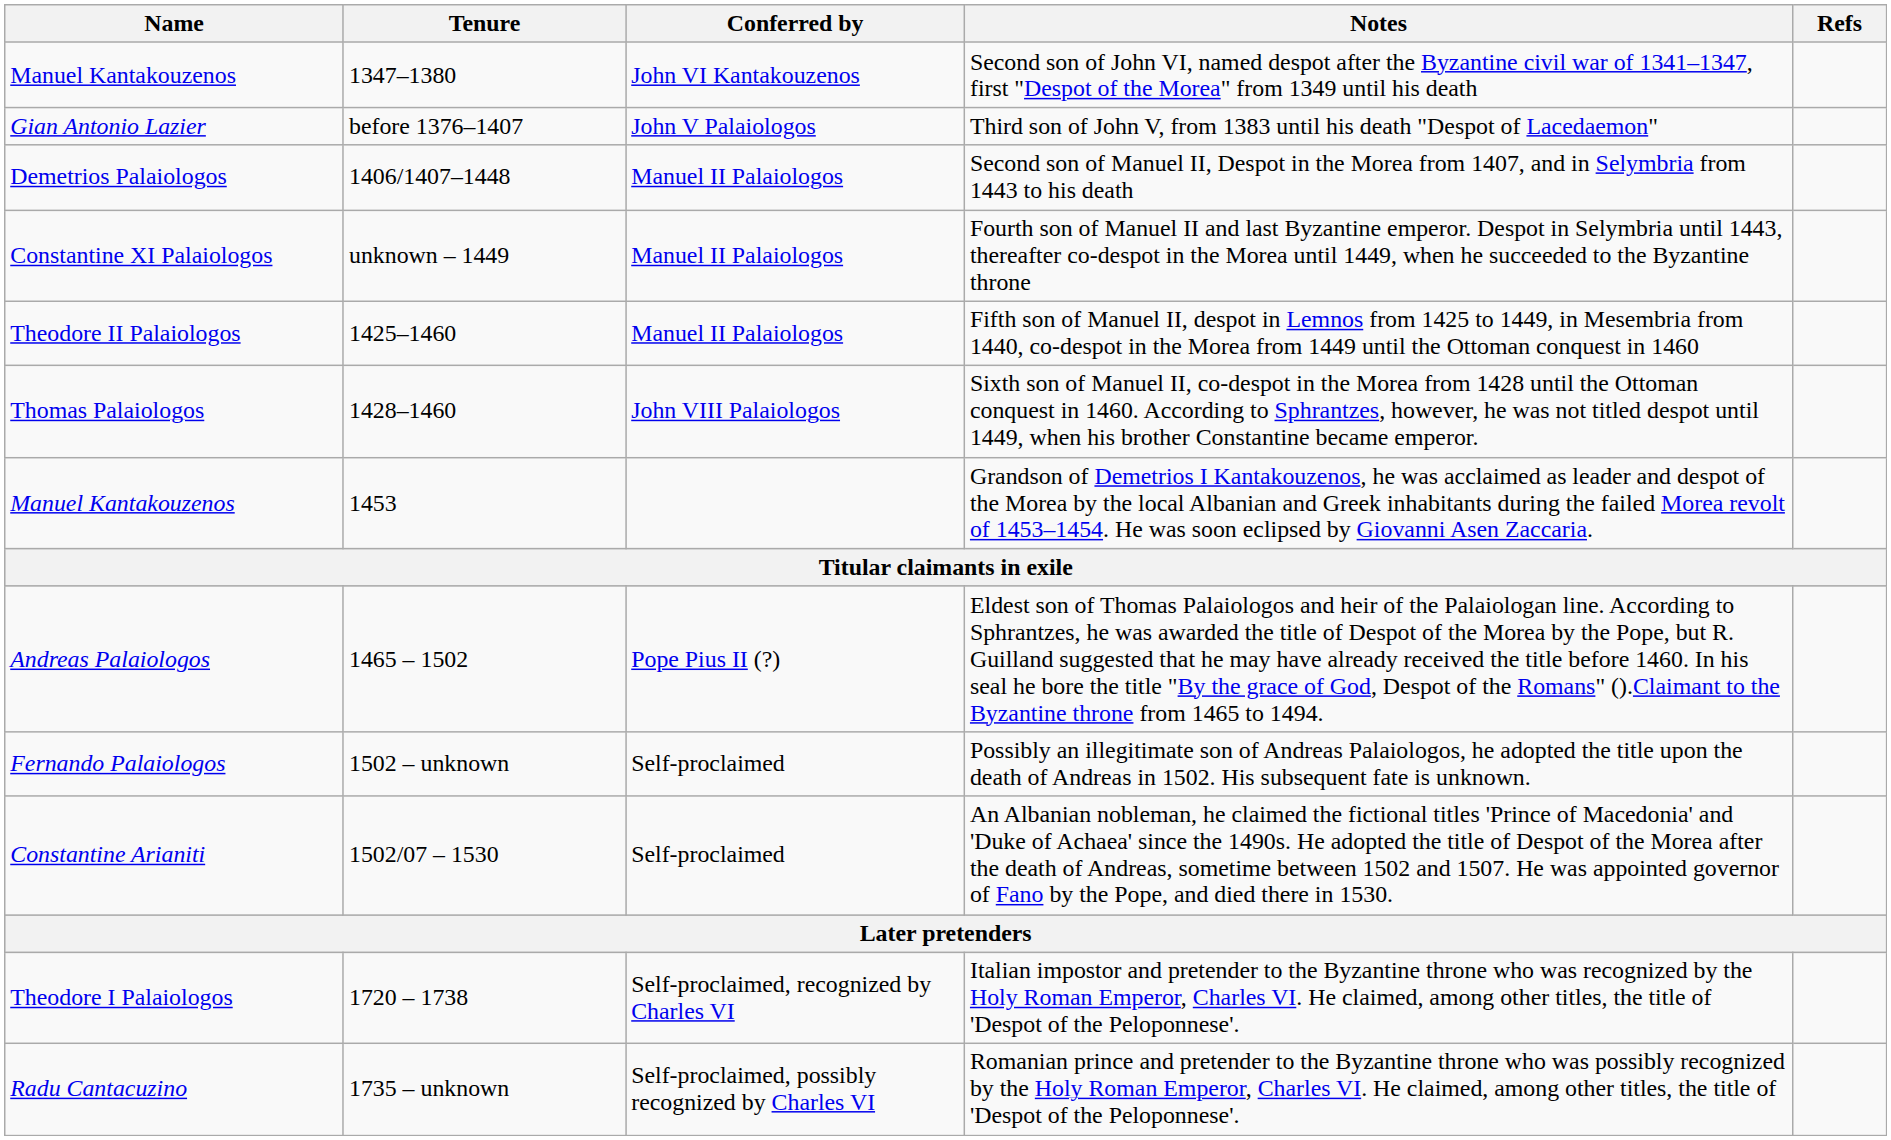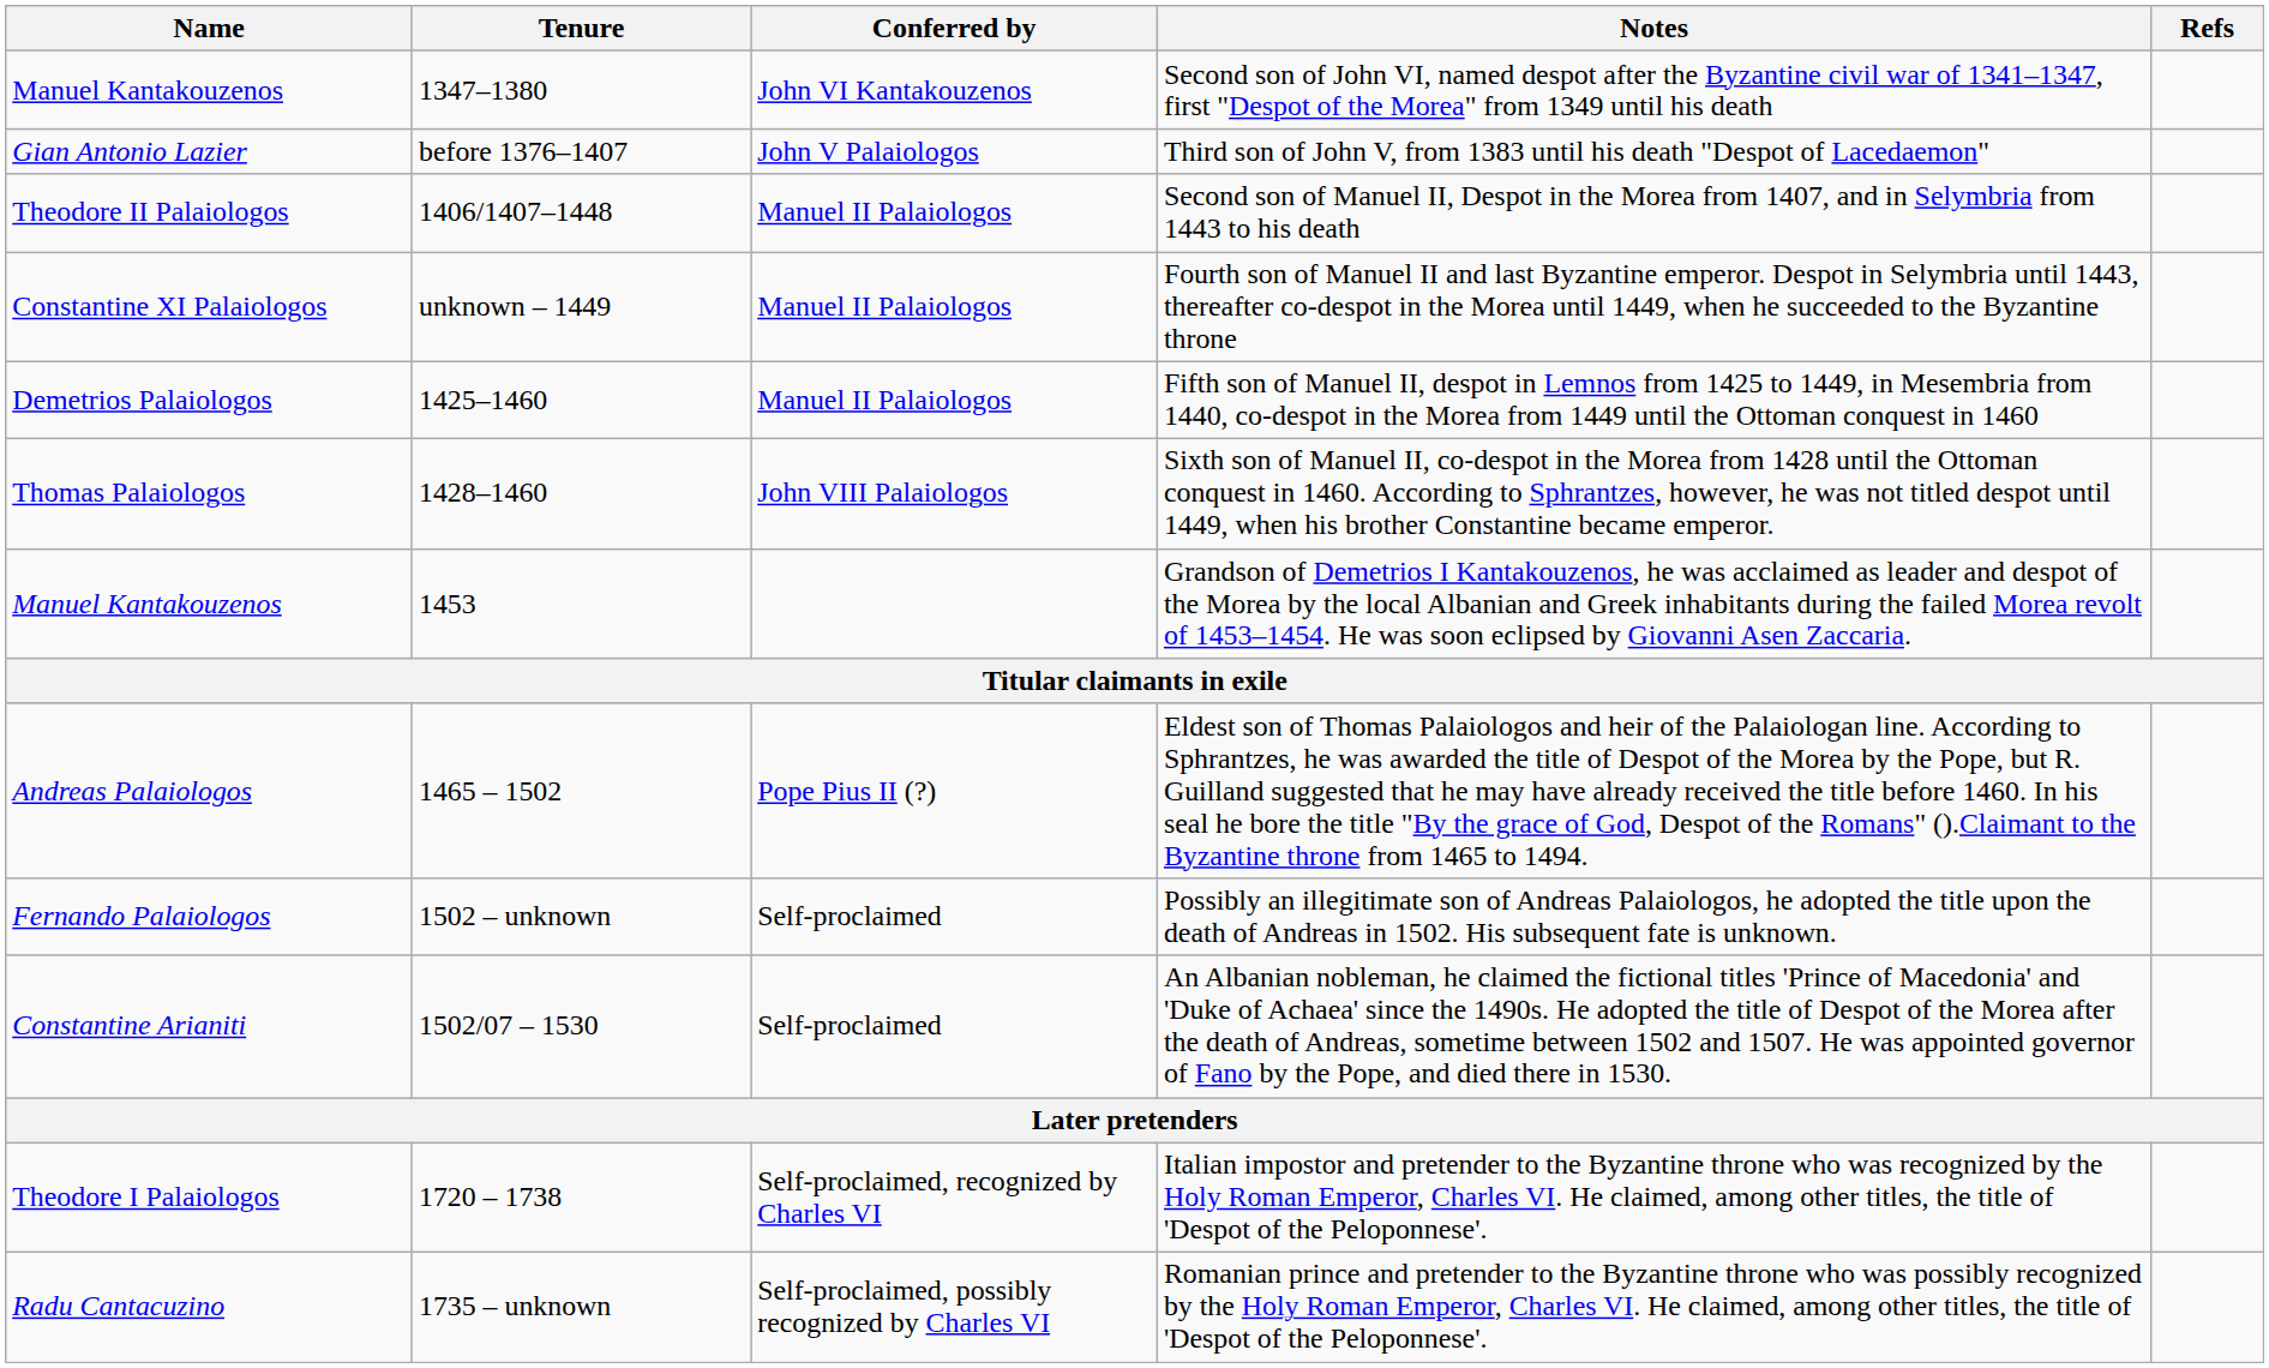 <table class="wikitable"  width="100%">
 <tr>
 <th width="18%">Name</th>
 <th width="15%">Tenure</th>
 <th width="18%">Conferred by</th>
 <th width="44%">Notes</th>
 <th width="5%">Refs</th>
 </tr>
 <tr>
 <td><a href='#'>Manuel Kantakouzenos</a></td>
 <td>1347–1380</td>
 <td><a href='#'>John VI Kantakouzenos</a></td>
 <td>Second son of John VI, named despot after the <a href='#'>Byzantine civil war of 1341–1347</a>, first "<a href='#'>Despot of the Morea</a>" from 1349 until his death</td>
 <td></td>
 </tr>
 <tr>
 <td><em><a href='#'>Gian Antonio Lazier</a></em></td>
 <td>before 1376–1407</td>
 <td><a href='#'>John V Palaiologos</a></td>
 <td>Third son of John V, from 1383 until his death "Despot of <a href='#'>Lacedaemon</a>"</td>
 <td></td>
 </tr>
 <tr>
-<td><a href='#'>Demetrios Palaiologos</a></td>
+<td><a href='#'>Theodore II Palaiologos</a></td>
 <td>1406/1407–1448</td>
 <td><a href='#'>Manuel II Palaiologos</a></td>
 <td>Second son of Manuel II, Despot in the Morea from 1407, and in <a href='#'>Selymbria</a> from 1443 to his death</td>
 <td></td>
 </tr>
 <tr>
 <td><a href='#'>Constantine XI Palaiologos</a></td>
 <td>unknown – 1449</td>
 <td><a href='#'>Manuel II Palaiologos</a></td>
 <td>Fourth son of Manuel II and last Byzantine emperor. Despot in Selymbria until 1443, thereafter co-despot in the Morea until 1449, when he succeeded to the Byzantine throne</td>
 <td></td>
 </tr>
 <tr>
-<td><a href='#'>Theodore II Palaiologos</a></td>
+<td><a href='#'>Demetrios Palaiologos</a></td>
 <td>1425–1460</td>
 <td><a href='#'>Manuel II Palaiologos</a></td>
 <td>Fifth son of Manuel II, despot in <a href='#'>Lemnos</a> from 1425 to 1449, in Mesembria from 1440, co-despot in the Morea from 1449 until the Ottoman conquest in 1460</td>
 <td></td>
 </tr>
 <tr>
 <td><a href='#'>Thomas Palaiologos</a></td>
 <td>1428–1460</td>
 <td><a href='#'>John VIII Palaiologos</a></td>
 <td>Sixth son of Manuel II, co-despot in the Morea from 1428 until the Ottoman conquest in 1460. According to <a href='#'>Sphrantzes</a>, however, he was not titled despot until 1449, when his brother Constantine became emperor.</td>
 <td></td>
 </tr>
 <tr>
 <td><em><a href='#'>Manuel Kantakouzenos</a></em></td>
 <td>1453</td>
 <td></td>
 <td>Grandson of <a href='#'>Demetrios I Kantakouzenos</a>, he was acclaimed as leader and despot of the Morea by the local Albanian and Greek inhabitants during the failed <a href='#'>Morea revolt of 1453–1454</a>. He was soon eclipsed by <a href='#'>Giovanni Asen Zaccaria</a>.</td>
 <td></td>
 </tr>
 <tr bgcolor="lightgrey";>
 <th colspan=5>Titular claimants in exile</th>
 </tr>
 <tr>
 <td><em><a href='#'>Andreas Palaiologos</a></em></td>
 <td>1465 – 1502</td>
 <td><a href='#'>Pope Pius II</a> (?)</td>
 <td>Eldest son of Thomas Palaiologos and heir of the Palaiologan line. According to Sphrantzes, he was awarded the title of Despot of the Morea by the Pope, but R. Guilland suggested that he may have already received the title before 1460. In his seal he bore the title "<a href='#'>By the grace of God</a>, Despot of the <a href='#'>Romans</a>" ().<a href='#'>Claimant to the Byzantine throne</a> from 1465 to 1494.</td>
 <td></td>
 </tr>
 <tr>
 <td><em><a href='#'>Fernando Palaiologos</a></em></td>
 <td>1502 – unknown</td>
 <td>Self-proclaimed</td>
 <td>Possibly an illegitimate son of Andreas Palaiologos, he adopted the title upon the death of Andreas in 1502. His subsequent fate is unknown.</td>
 <td></td>
 </tr>
 <tr>
 <td><em><a href='#'>Constantine Arianiti</a></em></td>
 <td>1502/07 – 1530</td>
 <td>Self-proclaimed</td>
 <td>An Albanian nobleman, he claimed the fictional titles 'Prince of Macedonia' and 'Duke of Achaea' since the 1490s. He adopted the title of Despot of the Morea after the death of Andreas, sometime between 1502 and 1507. He was appointed governor of <a href='#'>Fano</a> by the Pope, and died there in 1530.</td>
 <td></td>
 </tr>
 <tr bgcolor="lightgrey";>
 <th colspan=5>Later pretenders</th>
 </tr>
 <tr>
 <td><a href='#'>Theodore I Palaiologos</a></td>
 <td>1720 – 1738</td>
 <td>Self-proclaimed, recognized by <a href='#'>Charles VI</a></td>
 <td>Italian impostor and pretender to the Byzantine throne who was recognized by the <a href='#'>Holy Roman Emperor</a>, <a href='#'>Charles VI</a>. He claimed, among other titles, the title of 'Despot of the Peloponnese'.</td>
 <td></td>
 </tr>
 <tr>
 <td><em><a href='#'>Radu Cantacuzino</a></em></td>
 <td>1735 – unknown</td>
 <td>Self-proclaimed, possibly recognized by <a href='#'>Charles VI</a></td>
 <td>Romanian prince and pretender to the Byzantine throne who was possibly recognized by the <a href='#'>Holy Roman Emperor</a>, <a href='#'>Charles VI</a>. He claimed, among other titles, the title of 'Despot of the Peloponnese'.</td>
 <td></td>
 </tr>
 <tr>
 </tr>
 </table>
